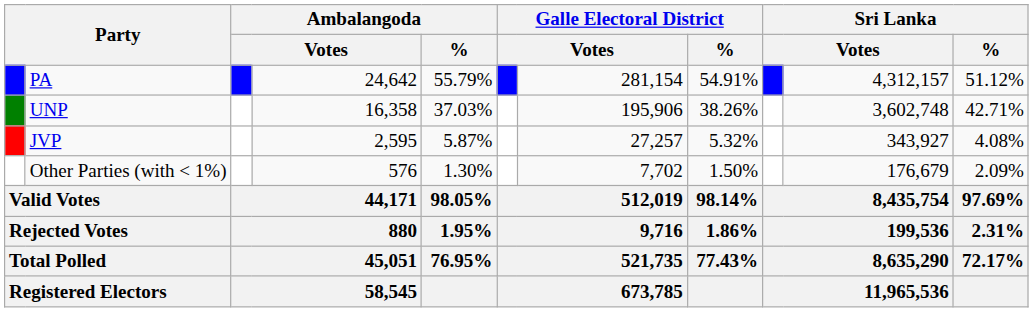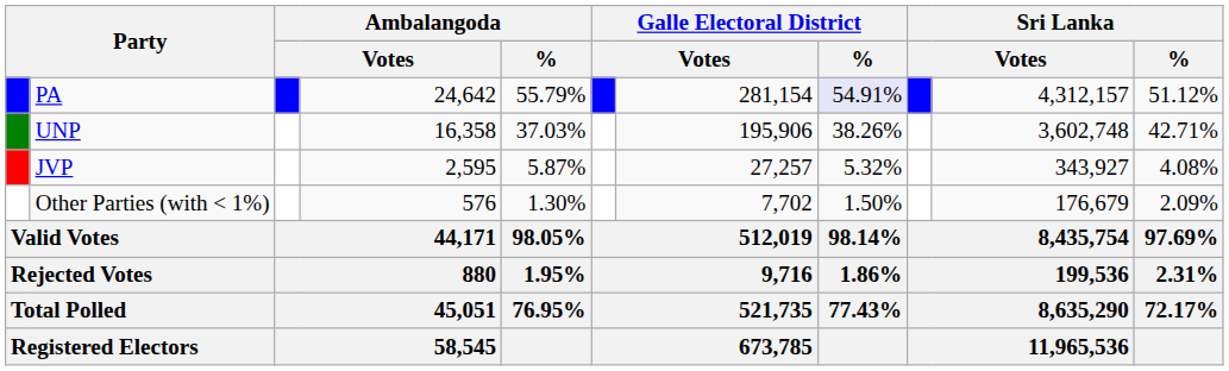 <table class="wikitable">
 <tr>
 <th colspan="2" width="144px"rowspan="2">Party</th>
 <th colspan="3" width="216px">Ambalangoda</th>
 <th colspan="3" width="216px"><a href='#'>Galle Electoral District</a></th>
 <th colspan="3" width="216px">Sri Lanka</th>
 </tr>
 <tr>
 <th colspan="2" width="144px">Votes</th>
 <th>%</th>
 <th colspan="2" width="144px">Votes</th>
 <th>%</th>
 <th colspan="2" width="144px">Votes</th>
 <th>%</th>
 </tr>
 <tr>
 <td style="background-color:blue;" width="10px"></td>
 <td style="text-align:left;"><a href='#'>PA</a></td>
 <td style="background-color:blue;" width="10px"></td>
 <td style="text-align:right;">24,642</td>
 <td style="text-align:right;">55.79%</td>
 <td style="background-color:blue;" width="10px"></td>
 <td style="text-align:right;">281,154</td>
-<td style="text-align:right;">54.91%</td>
+<td style="background: lavender; text-align:right;">54.91%</td>
 <td style="background-color:blue;" width="10px"></td>
 <td style="text-align:right;">4,312,157</td>
 <td style="text-align:right;">51.12%</td>
 </tr>
 <tr>
 <td style="background-color:green;" width="10px"></td>
 <td style="text-align:left;"><a href='#'>UNP</a></td>
 <td style="background-color:white;" width="10px"></td>
 <td style="text-align:right;">16,358</td>
 <td style="text-align:right;">37.03%</td>
 <td style="background-color:white;" width="10px"></td>
 <td style="text-align:right;">195,906</td>
 <td style="text-align:right;">38.26%</td>
 <td style="background-color:white;" width="10px"></td>
 <td style="text-align:right;">3,602,748</td>
 <td style="text-align:right;">42.71%</td>
 </tr>
 <tr>
 <td style="background-color:red;" width="10px"></td>
 <td style="text-align:left;"><a href='#'>JVP</a></td>
 <td style="background-color:white;" width="10px"></td>
 <td style="text-align:right;">2,595</td>
 <td style="text-align:right;">5.87%</td>
 <td style="background-color:white;" width="10px"></td>
 <td style="text-align:right;">27,257</td>
 <td style="text-align:right;">5.32%</td>
 <td style="background-color:white;" width="10px"></td>
 <td style="text-align:right;">343,927</td>
 <td style="text-align:right;">4.08%</td>
 </tr>
 <tr>
 <td style="background-color:white;" width="10px"></td>
 <td style="text-align:left;">Other Parties (with < 1%)</td>
 <td style="background-color:white;" width="10px"></td>
 <td style="text-align:right;">576</td>
 <td style="text-align:right;">1.30%</td>
 <td style="background-color:white;" width="10px"></td>
 <td style="text-align:right;">7,702</td>
 <td style="text-align:right;">1.50%</td>
 <td style="background-color:white;" width="10px"></td>
 <td style="text-align:right;">176,679</td>
 <td style="text-align:right;">2.09%</td>
 </tr>
 <tr>
 <th colspan="2" width="144px"style="text-align:left;">Valid Votes</th>
 <th style="text-align:right;"colspan="2" width="144px">44,171</th>
 <th style="text-align:right;">98.05%</th>
 <th style="text-align:right;"colspan="2" width="144px">512,019</th>
 <th style="text-align:right;">98.14%</th>
 <th style="text-align:right;"colspan="2" width="144px">8,435,754</th>
 <th style="text-align:right;">97.69%</th>
 </tr>
 <tr>
 <th colspan="2" width="144px"style="text-align:left;">Rejected Votes</th>
 <th style="text-align:right;"colspan="2" width="144px">880</th>
 <th style="text-align:right;">1.95%</th>
 <th style="text-align:right;"colspan="2" width="144px">9,716</th>
 <th style="text-align:right;">1.86%</th>
 <th style="text-align:right;"colspan="2" width="144px">199,536</th>
 <th style="text-align:right;">2.31%</th>
 </tr>
 <tr>
 <th colspan="2" width="144px"style="text-align:left;">Total Polled</th>
 <th style="text-align:right;"colspan="2" width="144px">45,051</th>
 <th style="text-align:right;">76.95%</th>
 <th style="text-align:right;"colspan="2" width="144px">521,735</th>
 <th style="text-align:right;">77.43%</th>
 <th style="text-align:right;"colspan="2" width="144px">8,635,290</th>
 <th style="text-align:right;">72.17%</th>
 </tr>
 <tr>
 <th colspan="2" width="144px"style="text-align:left;">Registered Electors</th>
 <th style="text-align:right;"colspan="2" width="144px">58,545</th>
 <th></th>
 <th style="text-align:right;"colspan="2" width="144px">673,785</th>
 <th></th>
 <th style="text-align:right;"colspan="2" width="144px">11,965,536</th>
 <th></th>
 </tr>
 </table>
